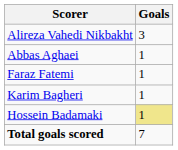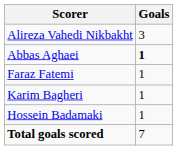 <table class="wikitable">
 <tr>
 <th>Scorer</th>
 <th>Goals</th>
 </tr>
 <tr>
 <td> <a href='#'>Alireza Vahedi Nikbakht</a></td>
 <td>3</td>
 </tr>
 <tr>
 <td> <a href='#'>Abbas Aghaei</a></td>
-<td>1</td>
+<td><strong>1</strong></td>
 </tr>
 <tr>
 <td> <a href='#'>Faraz Fatemi</a></td>
 <td>1</td>
 </tr>
 <tr>
 <td> <a href='#'>Karim Bagheri</a></td>
 <td>1</td>
 </tr>
 <tr>
 <td> <a href='#'>Hossein Badamaki</a></td>
-<td style="background: khaki;">1</td>
+<td>1</td>
 </tr>
 <tr>
 <td><strong>Total goals scored</strong></td>
 <td>7</td>
 </tr>
 </table>
